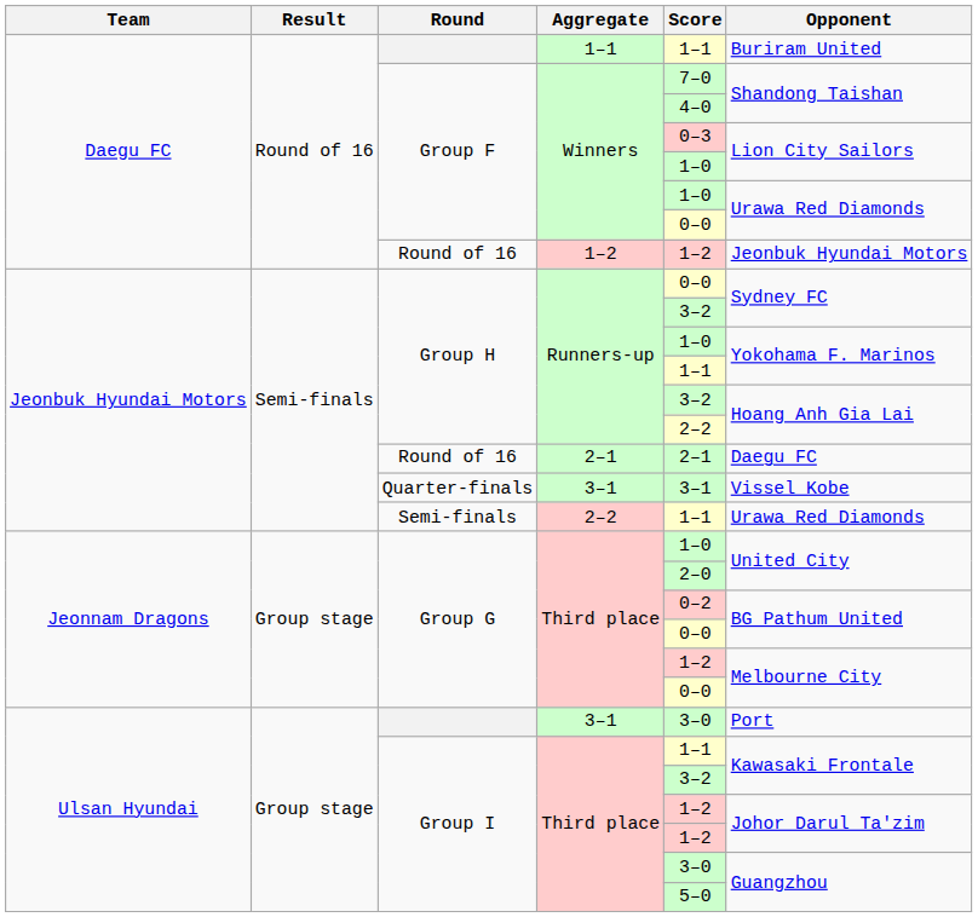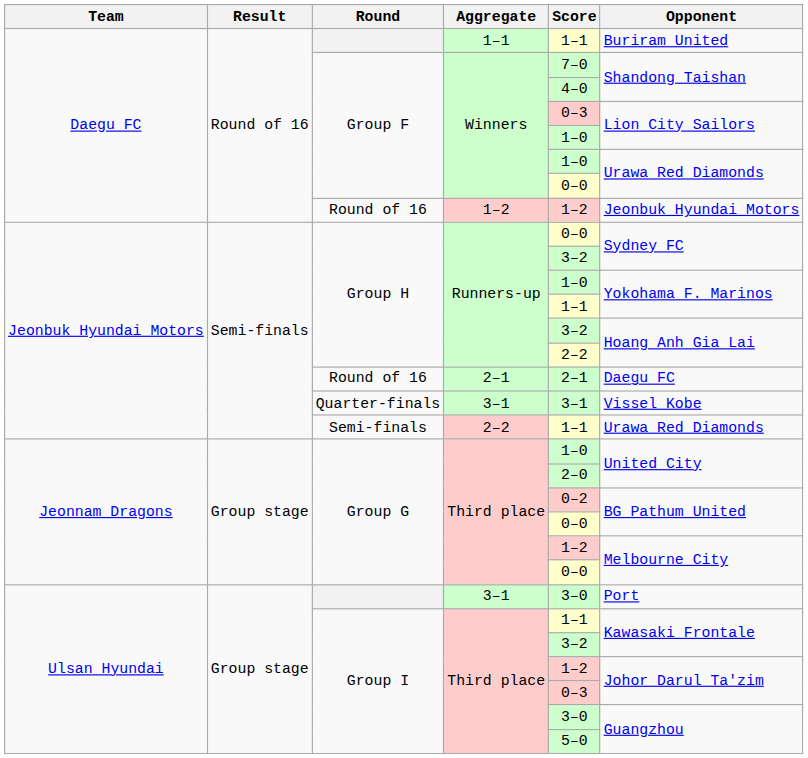 <table class="wikitable" style="text-align:center;">
 <tr>
 <th>Team</th>
 <th>Result</th>
 <th>Round</th>
 <th>Aggregate</th>
 <th>Score</th>
 <th>Opponent</th>
 </tr>
 <tr>
 <td rowspan="8"><a href='#'>Daegu FC</a></td>
 <td rowspan="8">Round of 16</td>
 <th></th>
 <td bgcolor="#cfc">1–1 </td>
 <td bgcolor="#ffc">1–1 </td>
 <td align="left"> <a href='#'>Buriram United</a></td>
 </tr>
 <tr>
 <td rowspan="6">Group F</td>
 <td rowspan="6" bgcolor="#cfc">Winners</td>
 <td bgcolor="#cfc">7–0</td>
 <td rowspan="2" align="left"> <a href='#'>Shandong Taishan</a></td>
 </tr>
 <tr>
 <td bgcolor="#cfc">4–0</td>
 </tr>
 <tr>
 <td bgcolor="#fcc">0–3</td>
 <td rowspan="2" align="left"> <a href='#'>Lion City Sailors</a></td>
 </tr>
 <tr>
 <td bgcolor="#cfc">1–0</td>
 </tr>
 <tr>
 <td bgcolor="#cfc">1–0</td>
 <td rowspan="2" align="left"> <a href='#'>Urawa Red Diamonds</a></td>
 </tr>
 <tr>
 <td bgcolor="#ffc">0–0</td>
 </tr>
 <tr>
 <td>Round of 16</td>
 <td bgcolor="#fcc">1–2</td>
 <td bgcolor="#fcc">1–2 </td>
 <td align="left"> <a href='#'>Jeonbuk Hyundai Motors</a></td>
 </tr>
 <tr>
 <td rowspan="9"><a href='#'>Jeonbuk Hyundai Motors</a></td>
 <td rowspan="9">Semi-finals</td>
 <td rowspan="6">Group H</td>
 <td rowspan="6" bgcolor="#cfc">Runners-up</td>
 <td bgcolor="#ffc">0–0</td>
 <td rowspan="2" align="left"> <a href='#'>Sydney FC</a></td>
 </tr>
 <tr>
 <td bgcolor="#cfc">3–2</td>
 </tr>
 <tr>
 <td bgcolor="#cfc">1–0</td>
 <td rowspan="2" align="left"> <a href='#'>Yokohama F. Marinos</a></td>
 </tr>
 <tr>
 <td bgcolor="#ffc">1–1</td>
 </tr>
 <tr>
 <td bgcolor="#cfc">3–2</td>
 <td rowspan="2" align="left"> <a href='#'>Hoang Anh Gia Lai</a></td>
 </tr>
 <tr>
 <td bgcolor="#ffc">2–2 </td>
 </tr>
 <tr>
 <td>Round of 16</td>
 <td bgcolor="#cfc">2–1</td>
 <td bgcolor="#cfc">2–1 </td>
 <td align="left"> <a href='#'>Daegu FC</a></td>
 </tr>
 <tr>
 <td>Quarter-finals</td>
 <td bgcolor="#cfc">3–1</td>
 <td bgcolor="#cfc">3–1 </td>
 <td align="left"> <a href='#'>Vissel Kobe</a></td>
 </tr>
 <tr>
 <td>Semi-finals</td>
 <td bgcolor="#fcc">2–2 </td>
 <td bgcolor="#ffc">1–1</td>
 <td align="left"> <a href='#'>Urawa Red Diamonds</a></td>
 </tr>
 <tr>
 <td rowspan="6"><a href='#'>Jeonnam Dragons</a></td>
 <td rowspan="6">Group stage</td>
 <td rowspan="6">Group G</td>
 <td rowspan="6" bgcolor="#fcc">Third place</td>
 <td bgcolor="#cfc">1–0</td>
 <td rowspan="2" align="left"> <a href='#'>United City</a></td>
 </tr>
 <tr>
 <td bgcolor="#cfc">2–0</td>
 </tr>
 <tr>
 <td bgcolor="#fcc">0–2</td>
 <td rowspan="2" align="left"> <a href='#'>BG Pathum United</a></td>
 </tr>
 <tr>
 <td bgcolor="#ffc">0–0</td>
 </tr>
 <tr>
 <td bgcolor="#fcc">1–2</td>
 <td rowspan="2" align="left"> <a href='#'>Melbourne City</a></td>
 </tr>
 <tr>
 <td bgcolor="#ffc">0–0</td>
 </tr>
 <tr>
 <td rowspan="7"><a href='#'>Ulsan Hyundai</a></td>
 <td rowspan="7">Group stage</td>
 <th></th>
 <td bgcolor="#cfc">3–1</td>
 <td bgcolor="#cfc">3–0</td>
 <td align="left"> <a href='#'>Port</a></td>
 </tr>
 <tr>
 <td rowspan="6">Group I</td>
 <td rowspan="6" bgcolor="#fcc">Third place</td>
 <td bgcolor="#ffc">1–1</td>
 <td rowspan="2" align="left"> <a href='#'>Kawasaki Frontale</a></td>
 </tr>
 <tr>
 <td bgcolor="#cfc">3–2</td>
 </tr>
 <tr>
 <td bgcolor="#fcc">1–2</td>
 <td rowspan="2" align="left"> <a href='#'>Johor Darul Ta'zim</a></td>
 </tr>
 <tr>
-<td bgcolor="#fcc">1–2</td>
+<td bgcolor="#fcc">0–3</td>
 </tr>
 <tr>
 <td bgcolor="#cfc">3–0</td>
 <td rowspan="2" align="left"> <a href='#'>Guangzhou</a></td>
 </tr>
 <tr>
 <td bgcolor="#cfc">5–0</td>
 </tr>
 </table>
